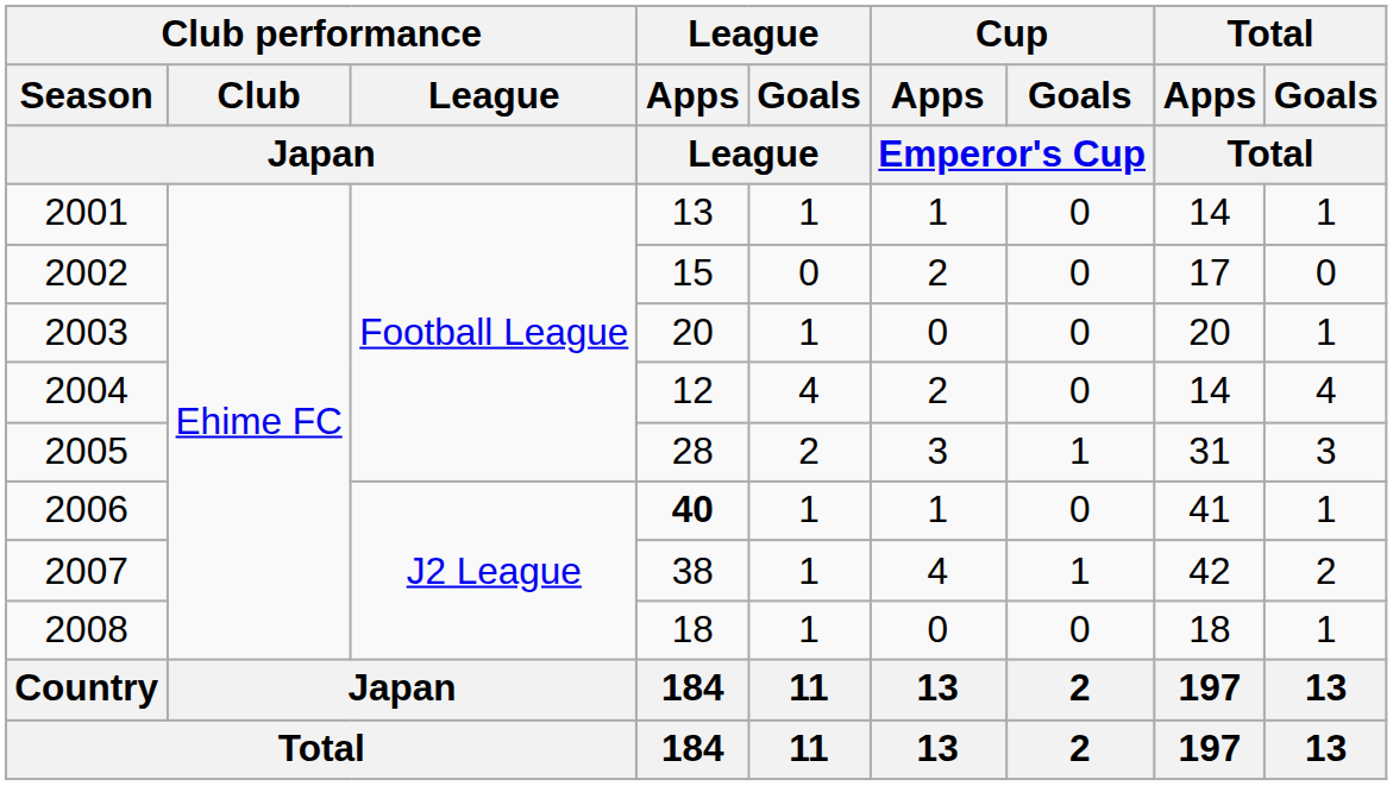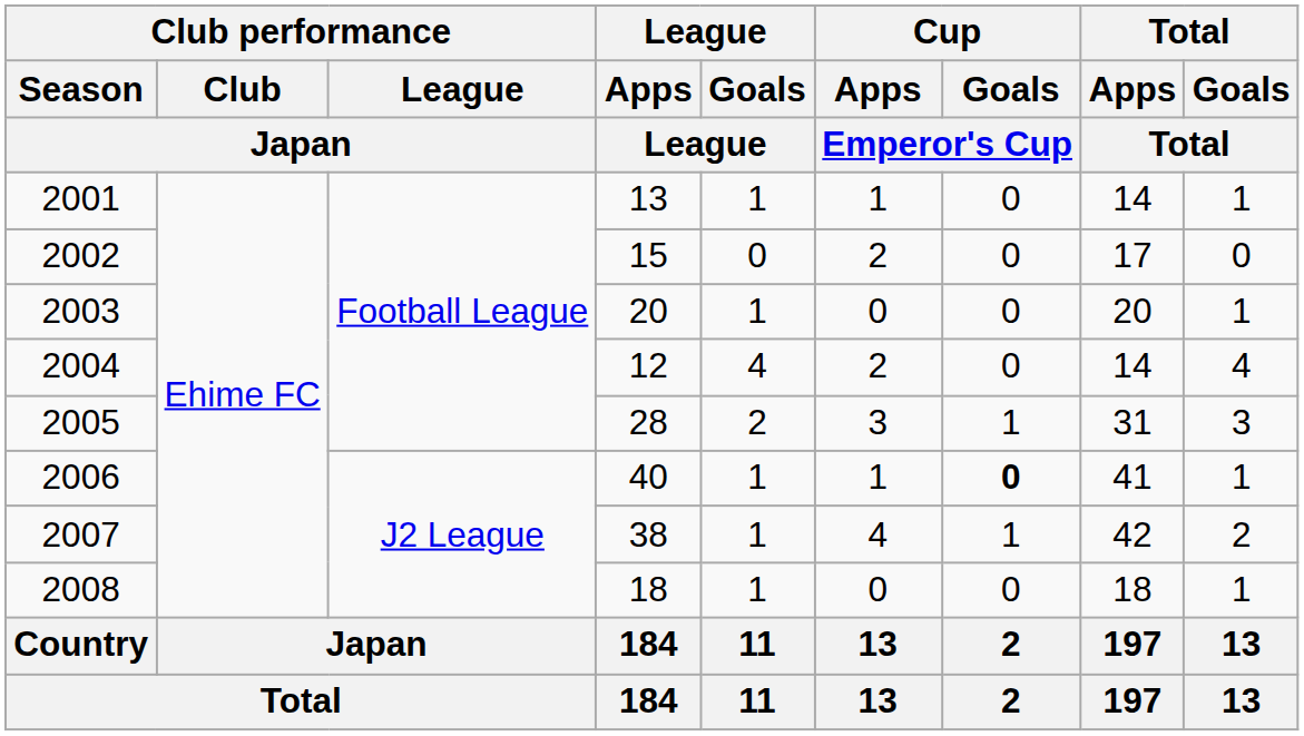 <table class="wikitable" style="text-align:center;">
 <tr>
 <th colspan=3>Club performance</th>
 <th colspan=2>League</th>
 <th colspan=2>Cup</th>
 <th colspan=2>Total</th>
 </tr>
 <tr>
 <th>Season</th>
 <th>Club</th>
 <th>League</th>
 <th>Apps</th>
 <th>Goals</th>
 <th>Apps</th>
 <th>Goals</th>
 <th>Apps</th>
 <th>Goals</th>
 </tr>
 <tr>
 <th colspan=3>Japan</th>
 <th colspan=2>League</th>
 <th colspan=2><a href='#'>Emperor's Cup</a></th>
 <th colspan=2>Total</th>
 </tr>
 <tr>
 <td>2001</td>
 <td rowspan="8"><a href='#'>Ehime FC</a></td>
 <td rowspan="5"><a href='#'>Football League</a></td>
 <td>13</td>
 <td>1</td>
 <td>1</td>
 <td>0</td>
 <td>14</td>
 <td>1</td>
 </tr>
 <tr>
 <td>2002</td>
 <td>15</td>
 <td>0</td>
 <td>2</td>
 <td>0</td>
 <td>17</td>
 <td>0</td>
 </tr>
 <tr>
 <td>2003</td>
 <td>20</td>
 <td>1</td>
 <td>0</td>
 <td>0</td>
 <td>20</td>
 <td>1</td>
 </tr>
 <tr>
 <td>2004</td>
 <td>12</td>
 <td>4</td>
 <td>2</td>
 <td>0</td>
 <td>14</td>
 <td>4</td>
 </tr>
 <tr>
 <td>2005</td>
 <td>28</td>
 <td>2</td>
 <td>3</td>
 <td>1</td>
 <td>31</td>
 <td>3</td>
 </tr>
 <tr>
 <td>2006</td>
 <td rowspan="3"><a href='#'>J2 League</a></td>
-<td><strong>40</strong></td>
+<td>40</td>
 <td>1</td>
 <td>1</td>
-<td>0</td>
+<td><strong>0</strong></td>
 <td>41</td>
 <td>1</td>
 </tr>
 <tr>
 <td>2007</td>
 <td>38</td>
 <td>1</td>
 <td>4</td>
 <td>1</td>
 <td>42</td>
 <td>2</td>
 </tr>
 <tr>
 <td>2008</td>
 <td>18</td>
 <td>1</td>
 <td>0</td>
 <td>0</td>
 <td>18</td>
 <td>1</td>
 </tr>
 <tr>
 <th rowspan=1>Country</th>
 <th colspan=2>Japan</th>
 <th>184</th>
 <th>11</th>
 <th>13</th>
 <th>2</th>
 <th>197</th>
 <th>13</th>
 </tr>
 <tr>
 <th colspan=3>Total</th>
 <th>184</th>
 <th>11</th>
 <th>13</th>
 <th>2</th>
 <th>197</th>
 <th>13</th>
 </tr>
 </table>
